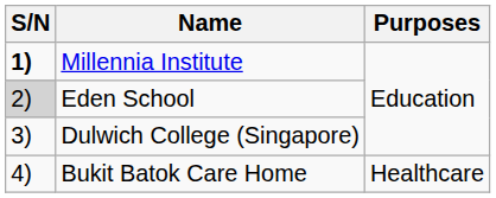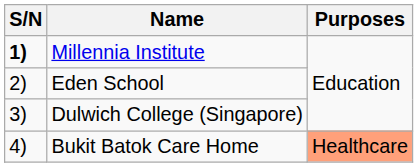 <table class="wikitable">
 <tr>
 <th>S/N</th>
 <th>Name</th>
 <th>Purposes</th>
 </tr>
 <tr>
 <td><strong>1)</strong></td>
 <td><a href='#'>Millennia Institute</a></td>
 <td rowspan="3">Education</td>
 </tr>
 <tr>
-<td style="background: lightgrey;">2)</td>
+<td>2)</td>
 <td>Eden School</td>
 </tr>
 <tr>
 <td>3)</td>
 <td>Dulwich College (Singapore)</td>
 </tr>
 <tr>
 <td>4)</td>
 <td>Bukit Batok Care Home</td>
-<td>Healthcare</td>
+<td style="background: lightsalmon;">Healthcare</td>
 </tr>
 </table>
